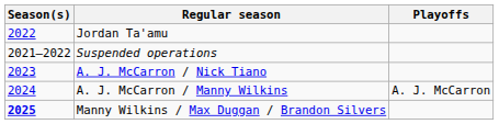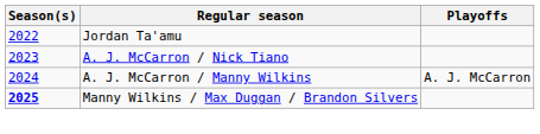 <table class="wikitable">
 <tr>
 <th>Season(s)</th>
 <th>Regular season</th>
 <th>Playoffs</th>
 </tr>
 <tr>
 <td><a href='#'>2022</a></td>
 <td>Jordan Ta'amu </td>
-<td></td>
-</tr>
-<tr>
-<td>2021–2022</td>
-<td><em>Suspended operations</em></td>
 <td></td>
 </tr>
 <tr>
 <td><a href='#'>2023</a></td>
 <td><a href='#'>A. J. McCarron</a>  / <a href='#'>Nick Tiano</a> </td>
 <td></td>
 </tr>
 <tr>
 <td><a href='#'>2024</a></td>
 <td>A. J. McCarron  / <a href='#'>Manny Wilkins</a> </td>
 <td>A. J. McCarron </td>
 </tr>
 <tr>
 <td><strong><a href='#'>2025</a></strong></td>
 <td>Manny Wilkins  / <a href='#'>Max Duggan</a>  / <a href='#'>Brandon Silvers</a> </td>
 </tr>
 </table>
